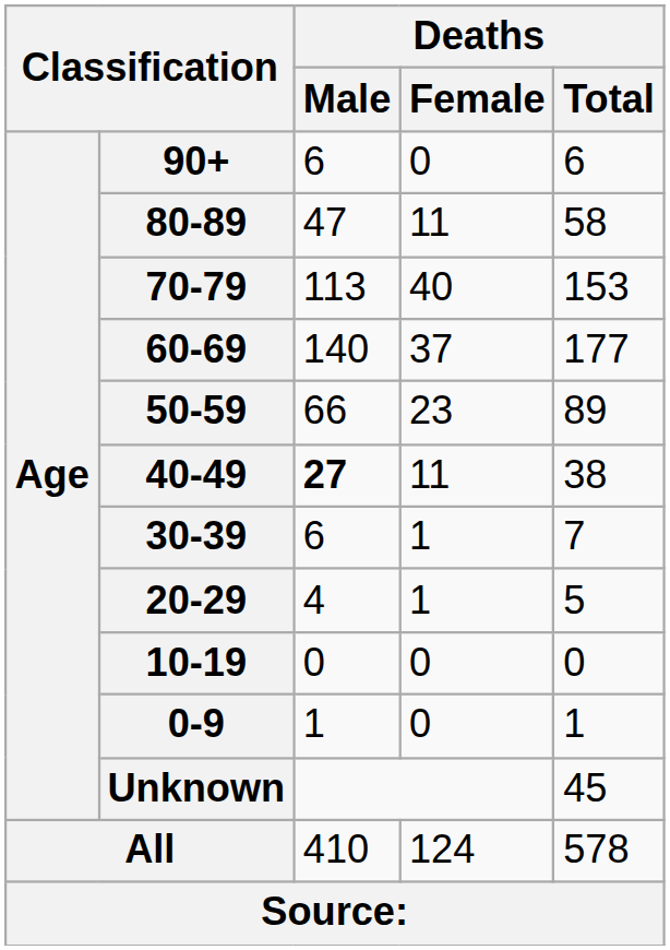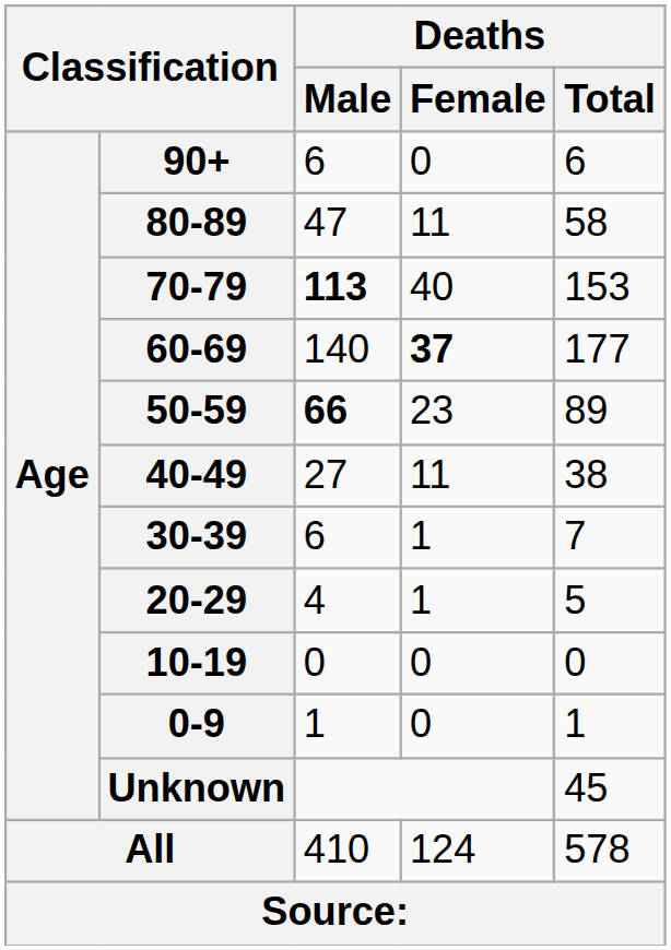 <table class="wikitable">
 <tr>
 <th colspan="2" rowspan="2">Classification</th>
 <th colspan="3">Deaths</th>
 </tr>
 <tr>
 <th>Male</th>
 <th>Female</th>
 <th>Total</th>
 </tr>
 <tr>
 <th rowspan="11">Age</th>
 <th>90+</th>
 <td>6</td>
 <td>0</td>
 <td>6</td>
 </tr>
 <tr>
 <th>80-89</th>
 <td>47</td>
 <td>11</td>
 <td>58</td>
 </tr>
 <tr>
 <th>70-79</th>
-<td>113</td>
+<td><strong>113</strong></td>
 <td>40</td>
 <td>153</td>
 </tr>
 <tr>
 <th>60-69</th>
 <td>140</td>
-<td>37</td>
+<td><strong>37</strong></td>
 <td>177</td>
 </tr>
 <tr>
 <th>50-59</th>
-<td>66</td>
+<td><strong>66</strong></td>
 <td>23</td>
 <td>89</td>
 </tr>
 <tr>
 <th>40-49</th>
-<td><strong>27</strong></td>
+<td>27</td>
 <td>11</td>
 <td>38</td>
 </tr>
 <tr>
 <th>30-39</th>
 <td>6</td>
 <td>1</td>
 <td>7</td>
 </tr>
 <tr>
 <th>20-29</th>
 <td>4</td>
 <td>1</td>
 <td>5</td>
 </tr>
 <tr>
 <th>10-19</th>
 <td>0</td>
 <td>0</td>
 <td>0</td>
 </tr>
 <tr>
 <th>0-9</th>
 <td>1</td>
 <td>0</td>
 <td>1</td>
 </tr>
 <tr>
 <th>Unknown</th>
 <td colspan="2"></td>
 <td>45</td>
 </tr>
 <tr>
 <th colspan="2">All</th>
 <td>410</td>
 <td>124</td>
 <td>578</td>
 </tr>
 <tr>
 <th colspan="5">Source: </th>
 </tr>
 </table>
